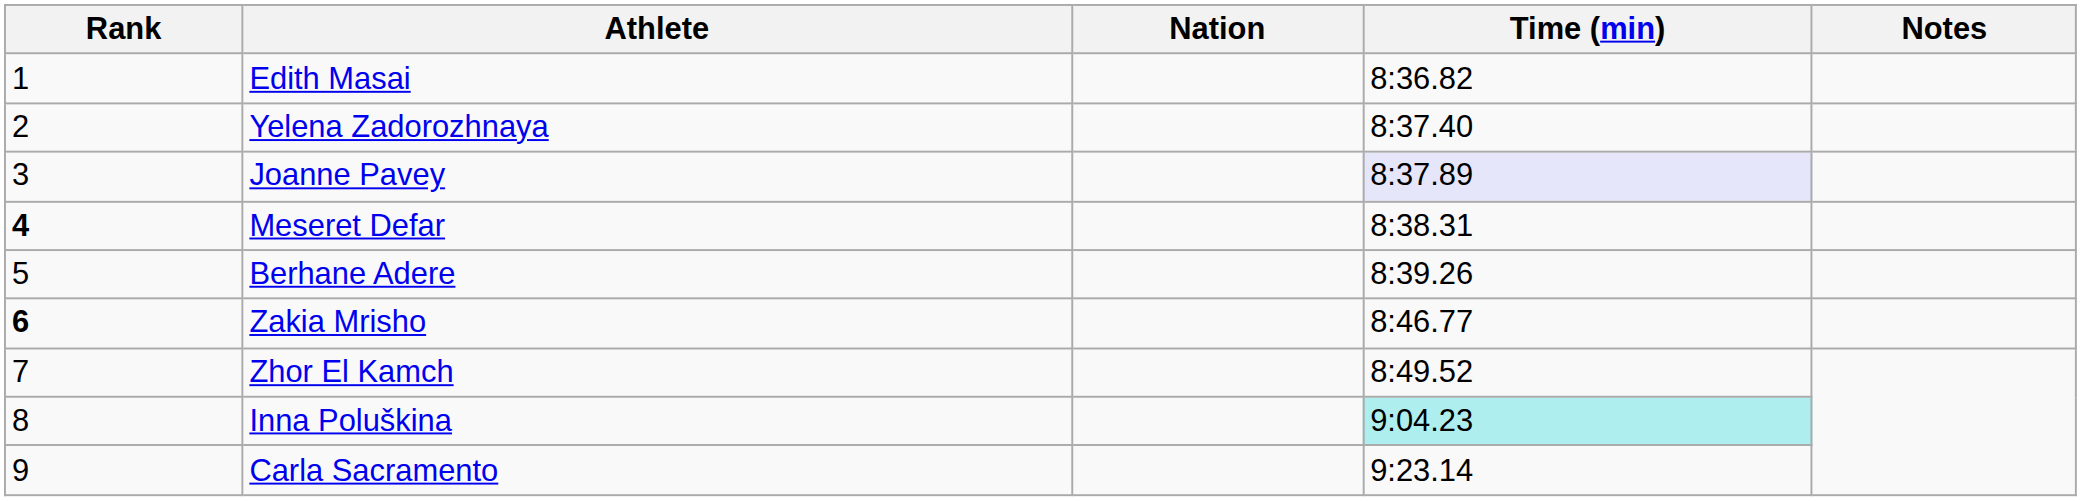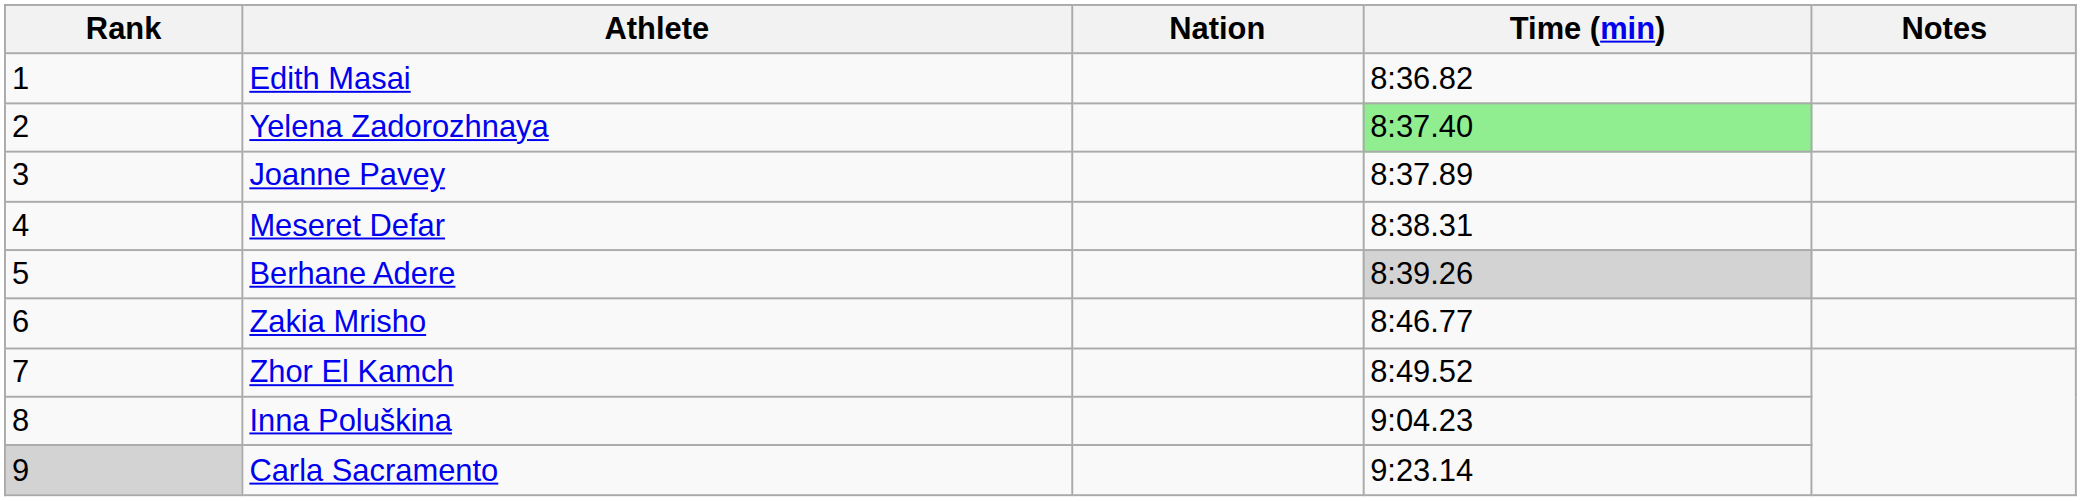 <table class="wikitable" style="text=align:center;" width=85%>
 <tr>
 <th>Rank</th>
 <th>Athlete</th>
 <th>Nation</th>
 <th>Time (<a href='#'>min</a>)</th>
 <th>Notes</th>
 </tr>
 <tr>
 <td>1</td>
 <td><a href='#'>Edith Masai</a></td>
 <td></td>
 <td>8:36.82</td>
 <td></td>
 </tr>
 <tr>
 <td>2</td>
 <td><a href='#'>Yelena Zadorozhnaya</a></td>
 <td></td>
-<td>8:37.40</td>
+<td style="background: lightgreen;">8:37.40</td>
 </tr>
 <tr>
 <td>3</td>
 <td><a href='#'>Joanne Pavey</a></td>
 <td></td>
-<td style="background: lavender;">8:37.89</td>
+<td>8:37.89</td>
 <td></td>
 </tr>
 <tr>
-<td><strong>4</strong></td>
+<td>4</td>
 <td><a href='#'>Meseret Defar</a></td>
 <td></td>
 <td>8:38.31</td>
 <td></td>
 </tr>
 <tr>
 <td>5</td>
 <td><a href='#'>Berhane Adere</a></td>
 <td></td>
-<td>8:39.26</td>
+<td style="background: lightgrey;">8:39.26</td>
 </tr>
 <tr>
-<td><strong>6</strong></td>
+<td>6</td>
 <td><a href='#'>Zakia Mrisho</a></td>
 <td></td>
 <td>8:46.77</td>
 <td></td>
 </tr>
 <tr>
 <td>7</td>
 <td><a href='#'>Zhor El Kamch</a></td>
 <td></td>
 <td>8:49.52</td>
 </tr>
 <tr>
 <td>8</td>
 <td><a href='#'>Inna Poluškina</a></td>
 <td></td>
-<td style="background: paleturquoise;">9:04.23</td>
+<td>9:04.23</td>
 </tr>
 <tr>
-<td>9</td>
+<td style="background: lightgrey;">9</td>
 <td><a href='#'>Carla Sacramento</a></td>
 <td></td>
 <td>9:23.14</td>
 </tr>
 </table>
